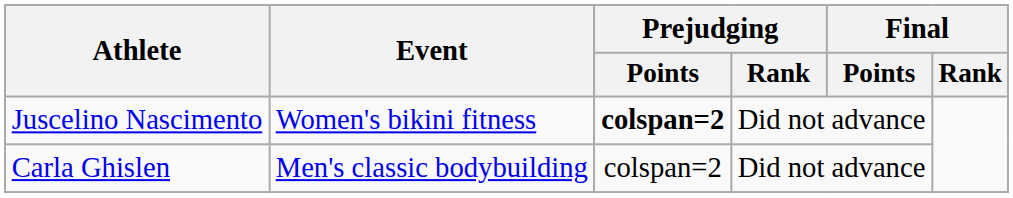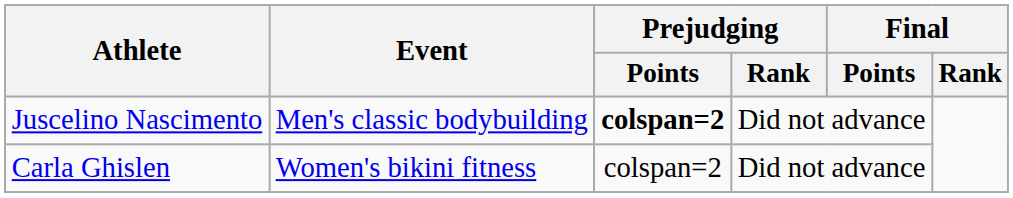 <table class=wikitable style="font-size:90%">
 <tr>
 <th rowspan="2">Athlete</th>
 <th rowspan="2">Event</th>
 <th colspan="2">Prejudging</th>
 <th colspan="2">Final</th>
 </tr>
 <tr style="font-size:95%">
 <th>Points</th>
 <th>Rank</th>
 <th>Points</th>
 <th>Rank</th>
 </tr>
 <tr align=center>
 <td align=left><a href='#'>Juscelino Nascimento</a></td>
-<td align=left><a href='#'>Women's bikini fitness</a></td>
+<td align=left><a href='#'>Men's classic bodybuilding</a></td>
 <td><strong>colspan=2 </strong></td>
 <td colspan=2>Did not advance</td>
 </tr>
 <tr align=center>
 <td align=left><a href='#'>Carla Ghislen</a></td>
-<td align=left><a href='#'>Men's classic bodybuilding</a></td>
+<td align=left><a href='#'>Women's bikini fitness</a></td>
 <td>colspan=2 </td>
 <td colspan=2>Did not advance</td>
 </tr>
 </table>
